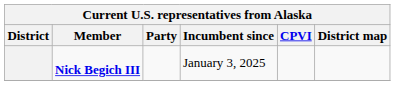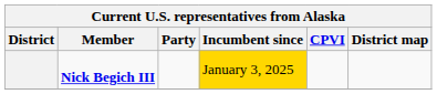 <table class="wikitable sortable">
 <tr>
 <th colspan=6>Current U.S. representatives from Alaska</th>
 </tr>
 <tr>
 <th>District</th>
 <th>Member<br></th>
 <th>Party</th>
 <th data-sort-type="date">Incumbent since</th>
 <th data-sort-type="number"><a href='#'>CPVI</a><br></th>
 <th class="unsortable">District map</th>
 </tr>
 <tr>
 <th></th>
 <td data-sort-value="Begich, Nick"><br><strong><a href='#'>Nick Begich III</a></strong><br></td>
 <td></td>
-<td>January 3, 2025</td>
+<td style="background: gold;">January 3, 2025</td>
 <td></td>
 <td></td>
 </tr>
 <tr>
 </tr>
 </table>
